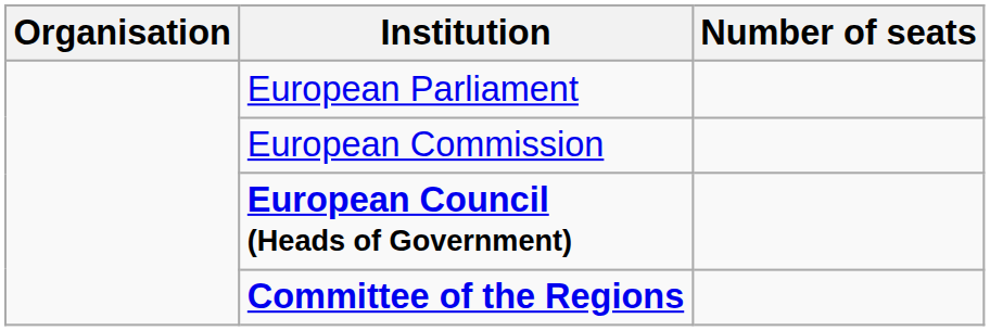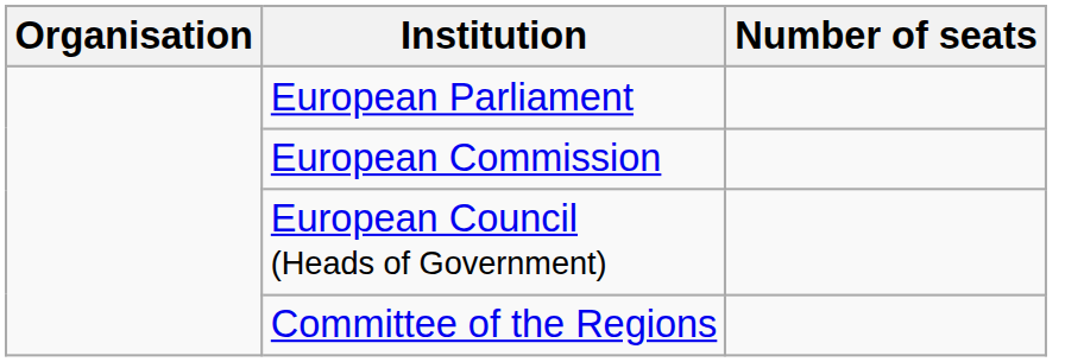 <table class="wikitable">
 <tr>
 <th>Organisation</th>
 <th>Institution</th>
 <th>Number of seats</th>
 </tr>
 <tr>
 <td rowspan=4></td>
 <td><a href='#'>European Parliament</a></td>
 <td></td>
 </tr>
 <tr>
 <td><a href='#'>European Commission</a></td>
 <td></td>
 </tr>
 <tr>
-<td><strong><a href='#'>European Council</a><br><small>(Heads of Government)</small></strong></td>
+<td><a href='#'>European Council</a><br><small>(Heads of Government)</small></td>
 <td></td>
 </tr>
 <tr>
-<td><strong><a href='#'>Committee of the Regions</a></strong></td>
+<td><a href='#'>Committee of the Regions</a></td>
 <td></td>
 </tr>
 </table>
